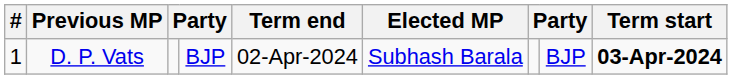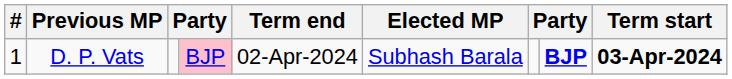 <table class="wikitable" style="text-align:center;">
 <tr>
 <th>#</th>
 <th>Previous MP</th>
 <th colspan="2">Party</th>
 <th>Term end</th>
 <th>Elected MP</th>
 <th colspan="2">Party</th>
 <th>Term start</th>
 </tr>
 <tr>
 <td>1</td>
 <td><a href='#'>D. P. Vats</a></td>
 <td width="1px"></td>
-<td><a href='#'>BJP</a></td>
+<td style="background: pink;"><a href='#'>BJP</a></td>
 <td>02-Apr-2024</td>
 <td><a href='#'>Subhash Barala</a></td>
 <td width="1px"></td>
-<td><a href='#'>BJP</a></td>
+<td><strong><a href='#'>BJP</a></strong></td>
 <td><strong>03-Apr-2024</strong></td>
 </tr>
 </table>
